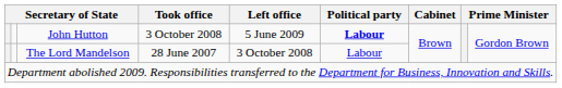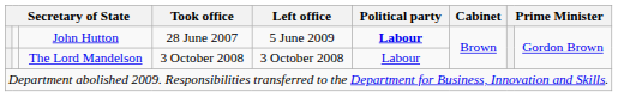 <table class="wikitable" style="text-align:center">
 <tr>
 <th colspan=3>Secretary of State</th>
 <th>Took office</th>
 <th>Left office</th>
 <th>Political party</th>
 <th>Cabinet</th>
 <th colspan="2">Prime Minister</th>
 </tr>
 <tr>
 <th style="background-color:"></th>
 <td></td>
 <td><a href='#'>John Hutton</a><br></td>
-<td>3 October 2008</td>
+<td>28 June 2007</td>
 <td>5 June 2009</td>
 <td><strong><a href='#'>Labour</a></strong></td>
 <td rowspan="2" ><a href='#'>Brown</a></td>
 <th rowspan="2" style="background-color:"></th>
 <td rowspan=2><a href='#'>Gordon Brown</a></td>
 </tr>
 <tr>
 <th style="background-color:"></th>
 <td></td>
 <td><a href='#'>The Lord Mandelson</a></td>
-<td>28 June 2007</td>
+<td>3 October 2008</td>
 <td>3 October 2008</td>
 <td><a href='#'>Labour</a></td>
 </tr>
 <tr>
 <td colspan="9"><em>Department abolished 2009. Responsibilities transferred to the <a href='#'>Department for Business, Innovation and Skills</a>.</em></td>
 </tr>
 </table>
